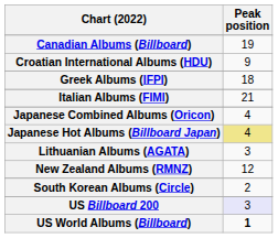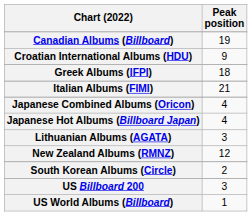 <table class="wikitable sortable plainrowheaders" style="text-align:center">
 <tr>
 <th scope="col">Chart (2022)</th>
 <th scope="col">Peak<br>position</th>
 </tr>
 <tr>
 </tr>
 <tr>
 </tr>
 <tr>
 </tr>
 <tr>
 </tr>
 <tr>
 <th scope="row"><a href='#'>Canadian Albums</a> (<em><a href='#'>Billboard</a></em>)</th>
 <td>19</td>
 </tr>
 <tr>
 <th scope="row">Croatian International Albums (<a href='#'>HDU</a>)</th>
 <td>9</td>
 </tr>
 <tr>
 </tr>
 <tr>
 </tr>
 <tr>
 </tr>
 <tr>
 </tr>
 <tr>
 </tr>
 <tr>
 <th scope="row">Greek Albums (<a href='#'>IFPI</a>)</th>
 <td>18</td>
 </tr>
 <tr>
 </tr>
 <tr>
 </tr>
 <tr>
 <th scope="row">Italian Albums (<a href='#'>FIMI</a>)</th>
 <td>21</td>
 </tr>
 <tr>
 </tr>
 <tr>
 <th scope="row">Japanese Combined Albums (<a href='#'>Oricon</a>)</th>
 <td>4</td>
 </tr>
 <tr>
 <th scope="row">Japanese Hot Albums (<em><a href='#'>Billboard Japan</a></em>)</th>
-<td style="background: khaki;">4</td>
+<td>4</td>
 </tr>
 <tr>
 <th scope="row">Lithuanian Albums (<a href='#'>AGATA</a>)</th>
 <td>3</td>
 </tr>
 <tr>
 <th scope="row">New Zealand Albums (<a href='#'>RMNZ</a>)</th>
 <td>12</td>
 </tr>
 <tr>
 </tr>
 <tr>
 </tr>
 <tr>
 <th scope="row">South Korean Albums (<a href='#'>Circle</a>)</th>
 <td>2</td>
 </tr>
 <tr>
 </tr>
 <tr>
 </tr>
 <tr>
 </tr>
 <tr>
 </tr>
 <tr>
 <th scope="row">US <a href='#'><em>Billboard</em> 200</a></th>
-<td style="background: lavender;">3</td>
+<td>3</td>
 </tr>
 <tr>
 <th scope="row">US World Albums (<em><a href='#'>Billboard</a></em>)</th>
-<td><strong>1</strong></td>
+<td>1</td>
 </tr>
 </table>
